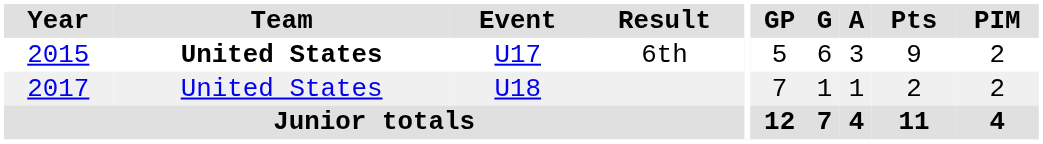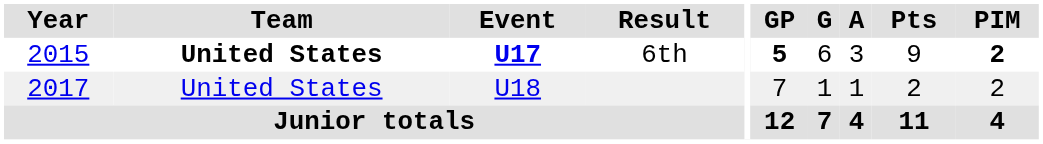 <table border="0" cellpadding="1" cellspacing="0" ID="Table3" style="text-align:center; width:40em">
 <tr bgcolor="#e0e0e0">
 <th>Year</th>
 <th>Team</th>
 <th>Event</th>
 <th>Result</th>
 <th rowspan="99" bgcolor="#ffffff"></th>
 <th>GP</th>
 <th>G</th>
 <th>A</th>
 <th>Pts</th>
 <th>PIM</th>
 </tr>
 <tr>
 <td><a href='#'>2015</a></td>
 <td><strong>United States</strong></td>
-<td><a href='#'>U17</a></td>
+<td><strong><a href='#'>U17</a></strong></td>
 <td>6th</td>
-<td>5</td>
+<td><strong>5</strong></td>
 <td>6</td>
 <td>3</td>
 <td>9</td>
-<td>2</td>
+<td><strong>2</strong></td>
 </tr>
 <tr bgcolor="#f0f0f0">
 <td><a href='#'>2017</a></td>
 <td><a href='#'>United States</a></td>
 <td><a href='#'>U18</a></td>
 <td></td>
 <td>7</td>
 <td>1</td>
 <td>1</td>
 <td>2</td>
 <td>2</td>
 </tr>
 <tr bgcolor="#e0e0e0">
 <th colspan="4">Junior totals</th>
 <th>12</th>
 <th>7</th>
 <th>4</th>
 <th>11</th>
 <th>4</th>
 </tr>
 </table>
